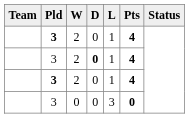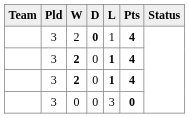 <table style=border-collapse:collapse border=1 cellspacing=0 cellpadding=5>
 <tr align=center bgcolor=#efefef>
 <th>Team</th>
 <th>Pld</th>
 <th>W</th>
 <th>D</th>
 <th>L</th>
 <th>Pts</th>
 <th>Status</th>
 </tr>
 <tr align=center style="background:#FFFFFF;">
 <td style="text-align:left;"> </td>
-<td><strong>3</strong></td>
+<td>3</td>
 <td>2</td>
-<td>0</td>
+<td><strong>0</strong></td>
 <td>1</td>
 <td><strong>4</strong></td>
 <td rowspan=4></td>
 </tr>
 <tr align=center style="background:#FFFFFF;">
 <td style="text-align:left;"> </td>
 <td>3</td>
-<td>2</td>
-<td><strong>0</strong></td>
-<td>1</td>
+<td><strong>2</strong></td>
+<td>0</td>
+<td><strong>1</strong></td>
 <td><strong>4</strong></td>
 </tr>
 <tr align=center style="background:#FFFFFF;">
 <td style="text-align:left;"> </td>
-<td><strong>3</strong></td>
-<td>2</td>
+<td>3</td>
+<td><strong>2</strong></td>
 <td>0</td>
-<td>1</td>
+<td><strong>1</strong></td>
 <td><strong>4</strong></td>
 </tr>
 <tr align=center style="background:#FFFFFF;">
 <td style="text-align:left;"> </td>
 <td>3</td>
 <td>0</td>
 <td>0</td>
 <td>3</td>
 <td><strong>0</strong></td>
 </tr>
 </table>
